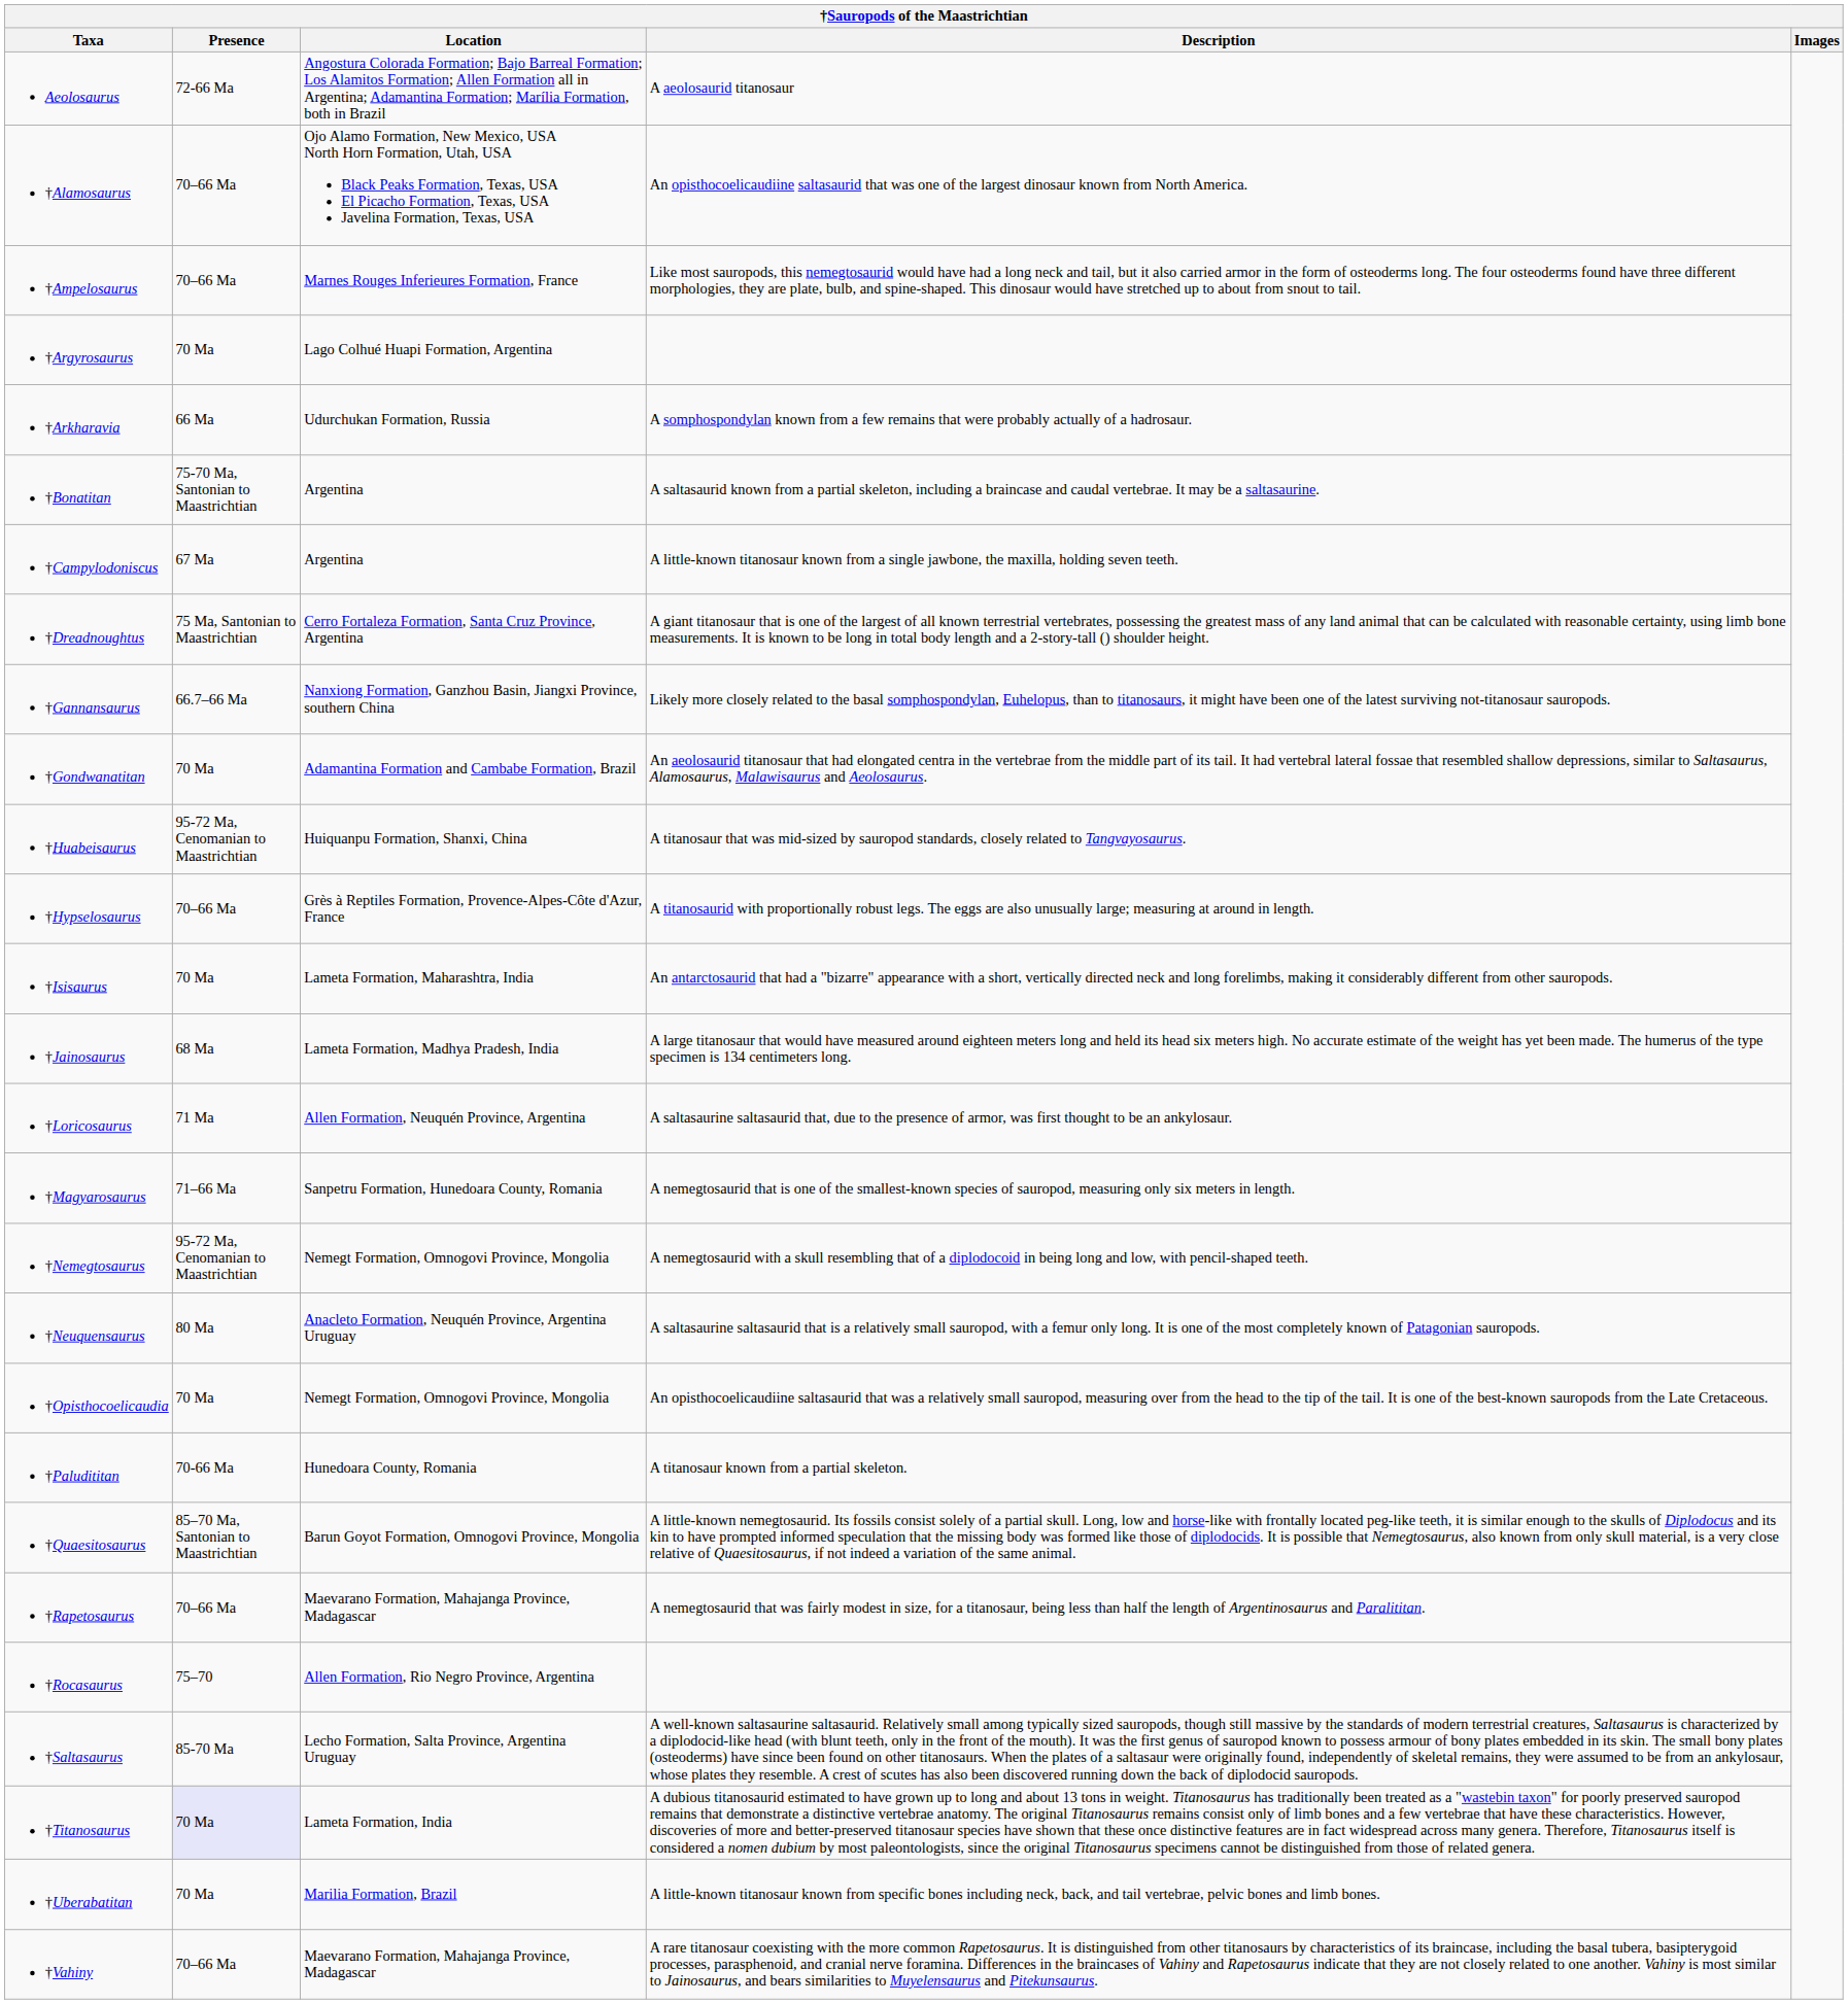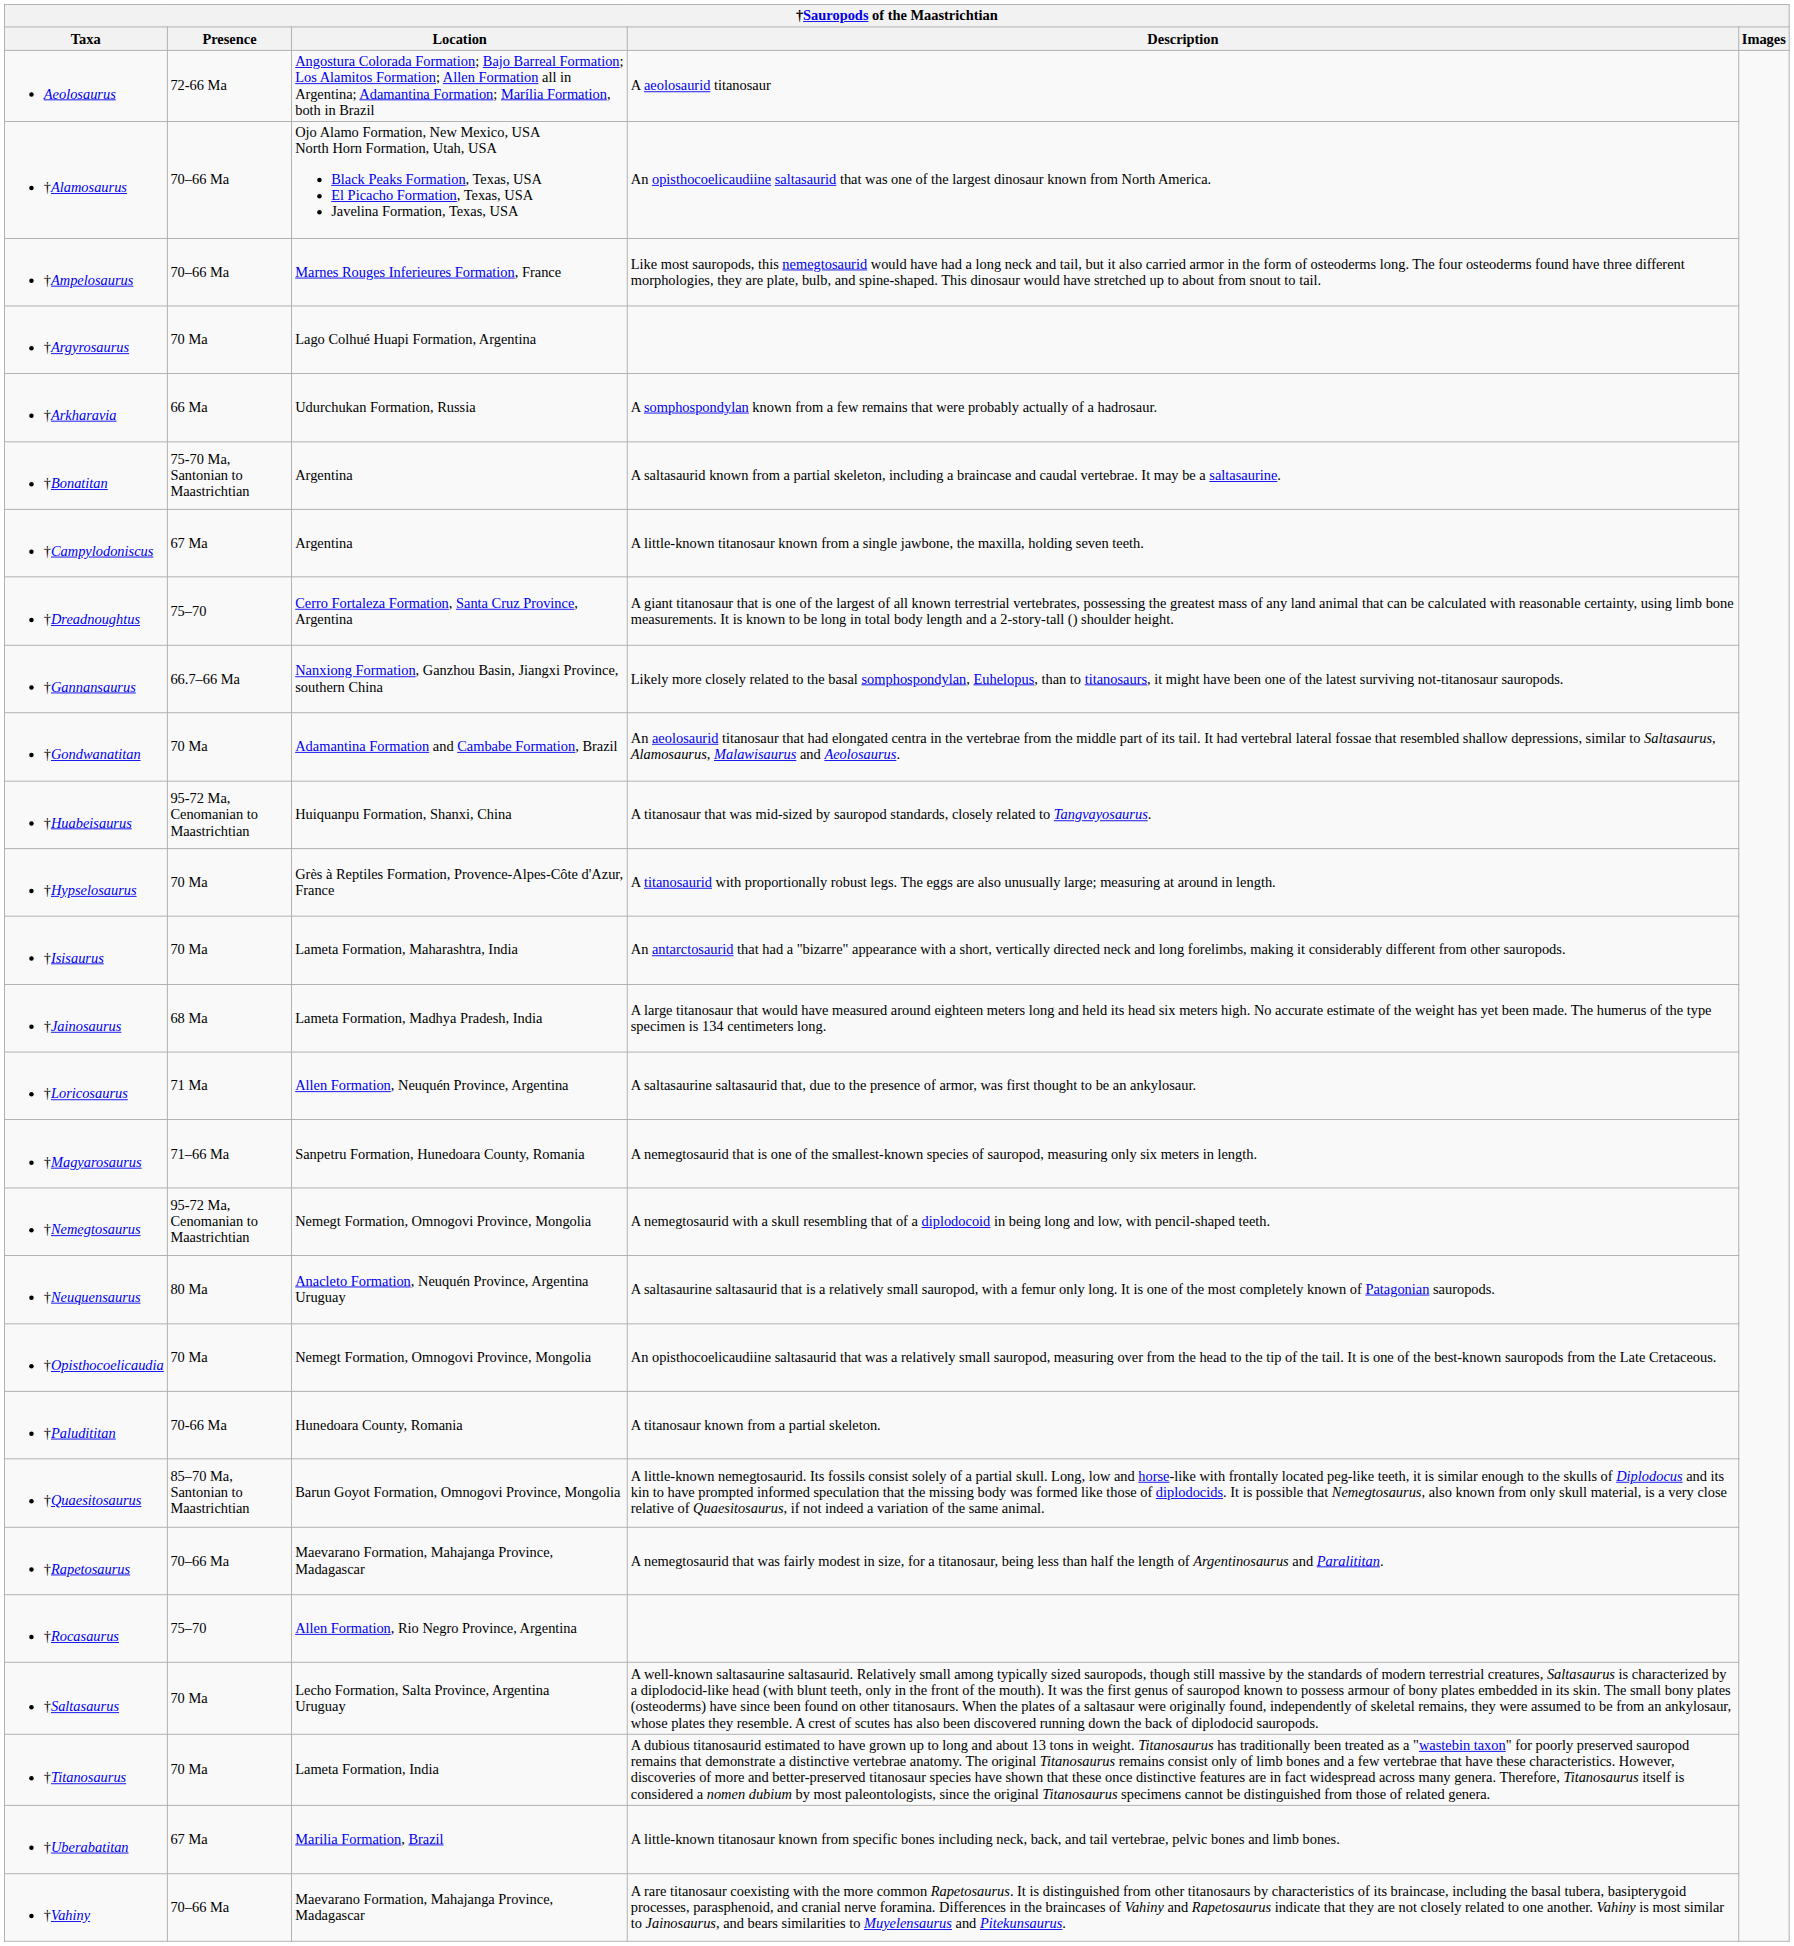 <table class="wikitable" align="center" width="100%">
 <tr>
 <th colspan="5" align="center">†<a href='#'>Sauropods</a> of the Maastrichtian</th>
 </tr>
 <tr>
 <th>Taxa</th>
 <th>Presence</th>
 <th>Location</th>
 <th>Description</th>
 <th>Images</th>
 </tr>
 <tr>
 <td><br><ul><li><em><a href='#'>Aeolosaurus</a></em></li></ul></td>
 <td>72-66 Ma</td>
 <td><a href='#'>Angostura Colorada Formation</a>; <a href='#'>Bajo Barreal Formation</a>; <a href='#'>Los Alamitos Formation</a>; <a href='#'>Allen Formation</a> all in Argentina; <a href='#'>Adamantina Formation</a>; <a href='#'>Marília Formation</a>, both in Brazil</td>
 <td>A  <a href='#'>aeolosaurid</a> titanosaur</td>
 <td rowspan="99"><br>           </td>
 </tr>
 <tr>
 <td><br><ul><li>†<em><a href='#'>Alamosaurus</a></em></li></ul></td>
 <td>70–66 Ma</td>
 <td>Ojo Alamo Formation, New Mexico, USA<br>North Horn Formation, Utah, USA<ul><li><a href='#'>Black Peaks Formation</a>, Texas, USA</li><li><a href='#'>El Picacho Formation</a>, Texas, USA</li><li>Javelina Formation, Texas, USA</li></ul></td>
 <td>An <a href='#'>opisthocoelicaudiine</a> <a href='#'>saltasaurid</a> that was one of the largest dinosaur known from North America.</td>
 </tr>
 <tr>
 <td><br><ul><li>†<em><a href='#'>Ampelosaurus</a></em></li></ul></td>
 <td>70–66 Ma</td>
 <td><a href='#'>Marnes Rouges Inferieures Formation</a>, France</td>
 <td>Like most sauropods, this <a href='#'>nemegtosaurid</a> would have had a long neck and tail, but it also carried armor in the form of osteoderms  long. The four osteoderms found have three different morphologies, they are plate, bulb, and spine-shaped. This dinosaur would have stretched up to about  from snout to tail.</td>
 </tr>
 <tr>
 <td><br><ul><li>†<em><a href='#'>Argyrosaurus</a></em></li></ul></td>
 <td>70 Ma</td>
 <td>Lago Colhué Huapi Formation, Argentina</td>
 <td></td>
 </tr>
 <tr>
 <td><br><ul><li>†<em><a href='#'>Arkharavia</a></em></li></ul></td>
 <td>66 Ma</td>
 <td>Udurchukan Formation, Russia</td>
 <td>A <a href='#'>somphospondylan</a> known from a few remains that were probably actually of a hadrosaur.</td>
 </tr>
 <tr>
 <td><br><ul><li>†<em><a href='#'>Bonatitan</a></em></li></ul></td>
 <td>75-70 Ma, Santonian to Maastrichtian</td>
 <td>Argentina</td>
 <td>A saltasaurid known from a partial skeleton, including a braincase and caudal vertebrae. It may be a <a href='#'>saltasaurine</a>.</td>
 </tr>
 <tr>
 <td><br><ul><li>†<em><a href='#'>Campylodoniscus</a></em></li></ul></td>
 <td>67 Ma</td>
 <td>Argentina</td>
 <td>A little-known titanosaur known from a single jawbone, the maxilla, holding seven teeth.</td>
 </tr>
 <tr>
 <td><br><ul><li>†<em><a href='#'>Dreadnoughtus</a></em></li></ul></td>
-<td>75 Ma, Santonian to Maastrichtian</td>
+<td>75–70</td>
 <td><a href='#'>Cerro Fortaleza Formation</a>, <a href='#'>Santa Cruz Province</a>, Argentina</td>
 <td>A giant titanosaur that is one of the largest of all known terrestrial vertebrates, possessing the greatest mass of any land animal that can be calculated with reasonable certainty, using limb bone measurements. It is known to be  long in total body length and a 2-story-tall () shoulder height.</td>
 </tr>
 <tr>
 <td><br><ul><li>†<em><a href='#'>Gannansaurus</a></em></li></ul></td>
 <td>66.7–66 Ma</td>
 <td><a href='#'>Nanxiong Formation</a>, Ganzhou Basin, Jiangxi Province, southern China</td>
 <td>Likely more closely related to the basal <a href='#'>somphospondylan</a>, <a href='#'>Euhelopus</a>, than to <a href='#'>titanosaurs</a>, it might have been one of the latest surviving not-titanosaur sauropods.</td>
 </tr>
 <tr>
 <td><br><ul><li>†<em><a href='#'>Gondwanatitan</a></em></li></ul></td>
 <td>70 Ma</td>
 <td><a href='#'>Adamantina Formation</a> and <a href='#'>Cambabe Formation</a>, Brazil</td>
 <td>An <a href='#'>aeolosaurid</a> titanosaur that had elongated centra in the vertebrae from the middle part of its tail. It had vertebral lateral fossae that resembled shallow depressions, similar to <em>Saltasaurus</em>, <em>Alamosaurus</em>, <em><a href='#'>Malawisaurus</a></em> and <em><a href='#'>Aeolosaurus</a></em>.</td>
 </tr>
 <tr>
 <td><br><ul><li>†<em><a href='#'>Huabeisaurus</a></em></li></ul></td>
 <td>95-72 Ma, Cenomanian to Maastrichtian</td>
 <td>Huiquanpu Formation, Shanxi, China</td>
 <td>A titanosaur that was mid-sized by sauropod standards, closely related to <em><a href='#'>Tangvayosaurus</a></em>.</td>
 </tr>
 <tr>
 <td><br><ul><li>†<em><a href='#'>Hypselosaurus</a></em></li></ul></td>
-<td>70–66 Ma</td>
+<td>70 Ma</td>
 <td>Grès à Reptiles Formation, Provence-Alpes-Côte d'Azur, France</td>
 <td>A <a href='#'>titanosaurid</a> with proportionally robust legs. The eggs are also unusually large; measuring at around  in length.</td>
 </tr>
 <tr>
 <td><br><ul><li>†<em><a href='#'>Isisaurus</a></em></li></ul></td>
 <td>70 Ma</td>
 <td>Lameta Formation, Maharashtra, India</td>
 <td>An <a href='#'>antarctosaurid</a> that had a "bizarre" appearance with a short, vertically directed neck and long forelimbs, making it considerably different from other sauropods.</td>
 </tr>
 <tr>
 <td><br><ul><li>†<em><a href='#'>Jainosaurus</a></em></li></ul></td>
 <td>68 Ma</td>
 <td>Lameta Formation, Madhya Pradesh, India</td>
 <td>A large titanosaur that would have measured around eighteen meters long and held its head six meters high. No accurate estimate of the weight has yet been made. The humerus of the type specimen is 134 centimeters long.</td>
 </tr>
 <tr>
 <td><br><ul><li>†<em><a href='#'>Loricosaurus</a></em></li></ul></td>
 <td>71 Ma</td>
 <td><a href='#'>Allen Formation</a>, Neuquén Province, Argentina</td>
 <td>A saltasaurine saltasaurid that, due to the presence of armor, was first thought to be an ankylosaur.</td>
 </tr>
 <tr>
 <td><br><ul><li>†<em><a href='#'>Magyarosaurus</a></em></li></ul></td>
 <td>71–66 Ma</td>
 <td>Sanpetru Formation, Hunedoara County, Romania</td>
 <td>A nemegtosaurid that is one of the smallest-known species of sauropod, measuring only six meters in length.</td>
 </tr>
 <tr>
 <td><br><ul><li>†<em><a href='#'>Nemegtosaurus</a></em></li></ul></td>
 <td>95-72 Ma, Cenomanian to Maastrichtian</td>
 <td>Nemegt Formation, Omnogovi Province, Mongolia</td>
 <td>A nemegtosaurid with a skull resembling that of a <a href='#'>diplodocoid</a> in being long and low, with pencil-shaped teeth.</td>
 </tr>
 <tr>
 <td><br><ul><li>†<em><a href='#'>Neuquensaurus</a></em></li></ul></td>
 <td>80 Ma</td>
 <td><a href='#'>Anacleto Formation</a>, Neuquén Province, Argentina<br>Uruguay</td>
 <td>A saltasaurine saltasaurid that is a relatively small sauropod, with a femur only  long. It is one of the most completely known of <a href='#'>Patagonian</a> sauropods.</td>
 </tr>
 <tr>
 <td><br><ul><li>†<em><a href='#'>Opisthocoelicaudia</a></em></li></ul></td>
 <td>70 Ma</td>
 <td>Nemegt Formation, Omnogovi Province, Mongolia</td>
 <td>An opisthocoelicaudiine saltasaurid that was a relatively small sauropod, measuring over  from the head to the tip of the tail. It is one of the best-known sauropods from the Late Cretaceous.</td>
 </tr>
 <tr>
 <td><br><ul><li>†<em><a href='#'>Paludititan</a></em></li></ul></td>
 <td>70-66 Ma</td>
 <td>Hunedoara County, Romania</td>
 <td>A titanosaur known from a partial skeleton.</td>
 </tr>
 <tr>
 <td><br><ul><li>†<em><a href='#'>Quaesitosaurus</a></em></li></ul></td>
 <td>85–70 Ma, Santonian to Maastrichtian</td>
 <td>Barun Goyot Formation, Omnogovi Province, Mongolia</td>
 <td>A little-known nemegtosaurid. Its fossils consist solely of a partial skull. Long, low and <a href='#'>horse</a>-like with frontally located peg-like teeth, it is similar enough to the skulls of <em><a href='#'>Diplodocus</a></em> and its kin to have prompted informed speculation that the missing body was formed like those of <a href='#'>diplodocids</a>. It is possible that <em>Nemegtosaurus</em>, also known from only skull material, is a very close relative of <em>Quaesitosaurus</em>, if not indeed a variation of the same animal.</td>
 </tr>
 <tr>
 <td><br><ul><li>†<em><a href='#'>Rapetosaurus</a></em></li></ul></td>
 <td>70–66 Ma</td>
 <td>Maevarano Formation, Mahajanga Province, Madagascar</td>
 <td>A nemegtosaurid that was fairly modest in size, for a titanosaur, being less than half the length of <em>Argentinosaurus</em> and <em><a href='#'>Paralititan</a></em>.</td>
 </tr>
 <tr>
 <td><br><ul><li>†<em><a href='#'>Rocasaurus</a></em></li></ul></td>
 <td>75–70</td>
 <td><a href='#'>Allen Formation</a>, Rio Negro Province, Argentina</td>
 <td></td>
 </tr>
 <tr>
 <td><br><ul><li>†<em><a href='#'>Saltasaurus</a></em></li></ul></td>
-<td>85-70 Ma</td>
+<td>70 Ma</td>
 <td>Lecho Formation, Salta Province, Argentina<br>Uruguay</td>
 <td>A well-known saltasaurine saltasaurid. Relatively small among typically sized sauropods, though still massive by the standards of modern terrestrial creatures, <em>Saltasaurus</em> is characterized by a diplodocid-like head (with blunt teeth, only in the front of the mouth). It was the first genus of sauropod known to possess armour of bony plates embedded in its skin. The small bony plates (osteoderms) have since been found on other titanosaurs. When the plates of a saltasaur were originally found, independently of skeletal remains, they were assumed to be from an ankylosaur, whose plates they resemble. A crest of scutes has also been discovered running down the back of diplodocid sauropods.</td>
 </tr>
 <tr>
 <td><br><ul><li>†<em><a href='#'>Titanosaurus</a></em></li></ul></td>
-<td style="background: lavender;">70 Ma</td>
+<td>70 Ma</td>
 <td>Lameta Formation, India</td>
 <td>A dubious titanosaurid estimated to have grown up to  long and about 13 tons in weight. <em>Titanosaurus</em> has traditionally been treated as a "<a href='#'>wastebin taxon</a>" for poorly preserved sauropod remains that demonstrate a distinctive vertebrae anatomy. The original <em>Titanosaurus</em> remains consist only of limb bones and a few vertebrae that have these characteristics. However, discoveries of more and better-preserved titanosaur species have shown that these once distinctive features are in fact widespread across many genera. Therefore, <em>Titanosaurus</em> itself is considered a <em>nomen dubium</em> by most paleontologists, since the original <em>Titanosaurus</em> specimens cannot be distinguished from those of related genera.</td>
 </tr>
 <tr>
 <td><br><ul><li>†<em><a href='#'>Uberabatitan</a></em></li></ul></td>
-<td>70 Ma</td>
+<td>67 Ma</td>
 <td><a href='#'>Marilia Formation</a>, <a href='#'>Brazil</a></td>
 <td>A little-known titanosaur known from specific bones including neck, back, and tail vertebrae, pelvic bones and limb bones.</td>
 </tr>
 <tr>
 <td><br><ul><li>†<em><a href='#'>Vahiny</a></em></li></ul></td>
 <td>70–66 Ma</td>
 <td>Maevarano Formation, Mahajanga Province, Madagascar</td>
 <td>A rare titanosaur coexisting with the more common <em>Rapetosaurus</em>. It is distinguished from other titanosaurs by characteristics of its braincase, including the basal tubera, basipterygoid processes, parasphenoid, and cranial nerve foramina. Differences in the braincases of <em>Vahiny</em> and <em>Rapetosaurus</em> indicate that they are not closely related to one another. <em>Vahiny</em> is most similar to <em>Jainosaurus</em>, and bears similarities to <em><a href='#'>Muyelensaurus</a></em> and <em><a href='#'>Pitekunsaurus</a></em>.</td>
 </tr>
 </table>
